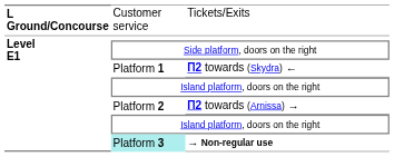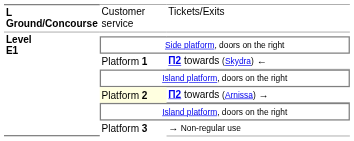 <table table border=0 cellspacing=0 cellpadding=3>
 <tr>
 <td style="border-bottom:solid 1px gray;border-top:solid 2px gray;" width=50 valign=top><strong>L<br>Ground/Concourse</strong></td>
 <td style="border-top:solid 1px gray;border-bottom:solid 1px gray;" width=100 valign=top>Customer service</td>
 <td style="border-top:solid 1px gray;border-bottom:solid 1px gray;" width=285 valign=top>Tickets/Exits</td>
 </tr>
 <tr>
 <td style="border-bottom:solid 2px gray;" rowspan=15 valign=top><strong>Level<br>Ε1</strong></td>
 <td style="border-bottom:solid 1px gray;"></td>
 <td style="border-bottom:solid 1px gray;"></td>
 </tr>
 <tr>
 <td style="border-top:solid 1px gray;border-right:solid 2px gray;border-left:solid 2px gray;border-bottom:solid 2px gray;text-align:center;" colspan=2><small><a href='#'>Side platform</a>, doors on the right</small></td>
 </tr>
 <tr>
 <td>Platform <span><strong>1</strong></span></td>
 <td style="border-bottom:solid 1px gray;"><span><a href='#'><span><strong>Π2</strong></span></a></span>  towards  <small>(<a href='#'>Skydra</a>)</small> ←</td>
 </tr>
 <tr>
 <td style="border-top:solid 2px gray;border-right:solid 2px gray;border-left:solid 2px gray;border-bottom:solid 2px gray;text-align:center;" colspan=2><small><a href='#'>Island platform</a>, doors on the right</small></td>
 </tr>
 <tr>
-<td>Platform <span><strong>2</strong></span></td>
+<td style="background: lightyellow;">Platform <span><strong>2</strong></span></td>
 <td style="border-bottom:solid 1px gray;"><span><a href='#'><span><strong>Π2</strong></span></a></span>  towards  <small>(<a href='#'>Arnissa</a>)</small> →</td>
 </tr>
 <tr>
 <td style="border-top:solid 2px gray;border-right:solid 2px gray;border-left:solid 2px gray;border-bottom:solid 2px gray;text-align:center;" colspan=2><small><a href='#'>Island platform</a>, doors on the right</small></td>
 </tr>
 <tr>
-<td style="background: paleturquoise;">Platform <span><strong>3</strong></span></td>
-<td style="border-bottom:solid 1px gray;"><strong><span>→</span><small> Non-regular use</small></strong></td>
+<td>Platform <span><strong>3</strong></span></td>
+<td style="border-bottom:solid 1px gray;"><span>→</span><small> Non-regular use</small></td>
 <td></td>
 </tr>
 </table>
